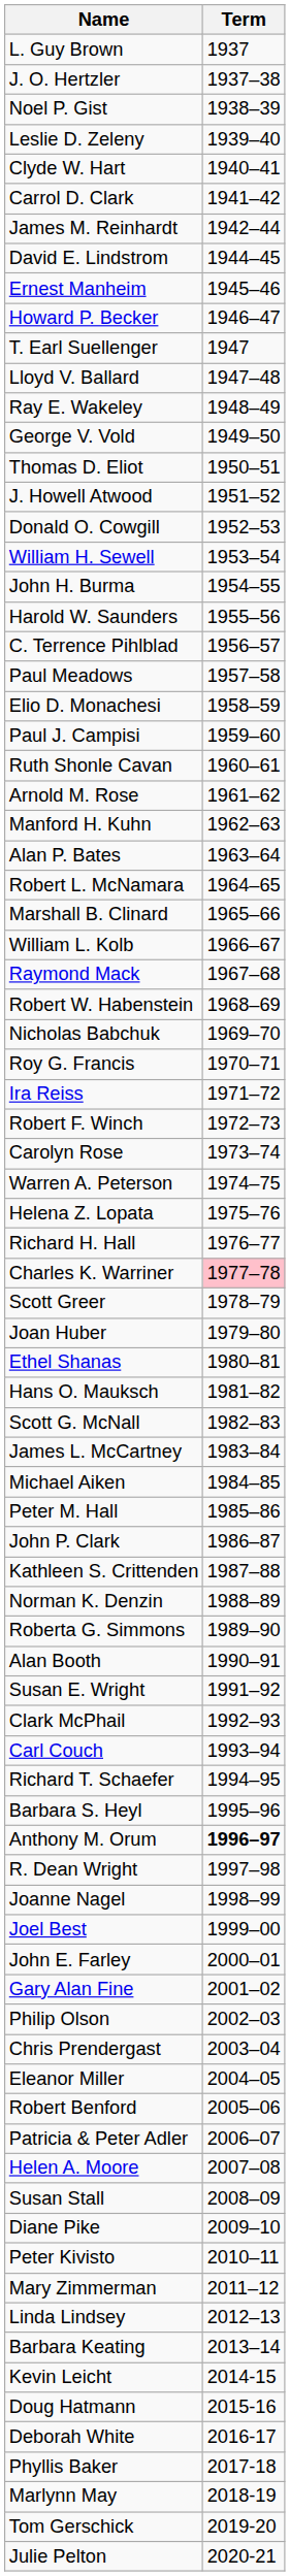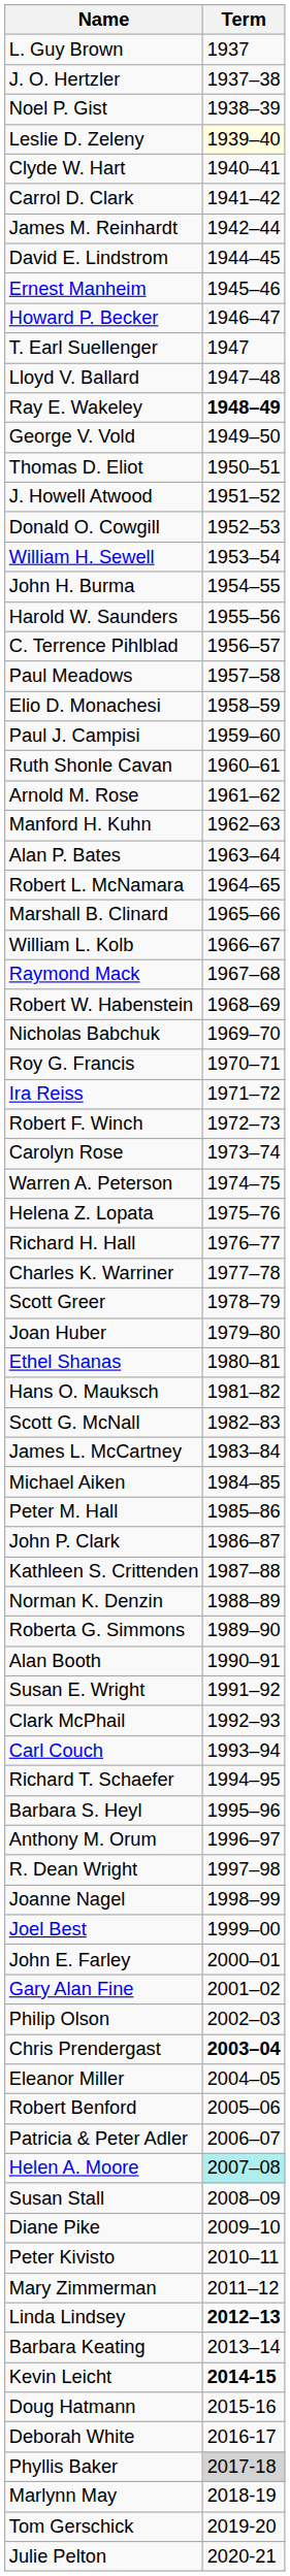 <table class="wikitable sortable">
 <tr>
 <th>Name</th>
 <th>Term</th>
 </tr>
 <tr>
 <td>L. Guy Brown</td>
 <td>1937</td>
 </tr>
 <tr>
 <td>J. O. Hertzler</td>
 <td>1937–38</td>
 </tr>
 <tr>
 <td>Noel P. Gist</td>
 <td>1938–39</td>
 </tr>
 <tr>
 <td>Leslie D. Zeleny</td>
-<td>1939–40</td>
+<td style="background: lightyellow;">1939–40</td>
 </tr>
 <tr>
 <td>Clyde W. Hart</td>
 <td>1940–41</td>
 </tr>
 <tr>
 <td>Carrol D. Clark</td>
 <td>1941–42</td>
 </tr>
 <tr>
 <td>James M. Reinhardt</td>
 <td>1942–44</td>
 </tr>
 <tr>
 <td>David E. Lindstrom</td>
 <td>1944–45</td>
 </tr>
 <tr>
 <td><a href='#'>Ernest Manheim</a></td>
 <td>1945–46</td>
 </tr>
 <tr>
 <td><a href='#'>Howard P. Becker</a></td>
 <td>1946–47</td>
 </tr>
 <tr>
 <td>T. Earl Suellenger</td>
 <td>1947</td>
 </tr>
 <tr>
 <td>Lloyd V. Ballard</td>
 <td>1947–48</td>
 </tr>
 <tr>
 <td>Ray E. Wakeley</td>
-<td>1948–49</td>
+<td><strong>1948–49</strong></td>
 </tr>
 <tr>
 <td>George V. Vold</td>
 <td>1949–50</td>
 </tr>
 <tr>
 <td>Thomas D. Eliot</td>
 <td>1950–51</td>
 </tr>
 <tr>
 <td>J. Howell Atwood</td>
 <td>1951–52</td>
 </tr>
 <tr>
 <td>Donald O. Cowgill</td>
 <td>1952–53</td>
 </tr>
 <tr>
 <td><a href='#'>William H. Sewell</a></td>
 <td>1953–54</td>
 </tr>
 <tr>
 <td>John H. Burma</td>
 <td>1954–55</td>
 </tr>
 <tr>
 <td>Harold W. Saunders</td>
 <td>1955–56</td>
 </tr>
 <tr>
 <td>C. Terrence Pihlblad</td>
 <td>1956–57</td>
 </tr>
 <tr>
 <td>Paul Meadows</td>
 <td>1957–58</td>
 </tr>
 <tr>
 <td>Elio D. Monachesi</td>
 <td>1958–59</td>
 </tr>
 <tr>
 <td>Paul J. Campisi</td>
 <td>1959–60</td>
 </tr>
 <tr>
 <td>Ruth Shonle Cavan</td>
 <td>1960–61</td>
 </tr>
 <tr>
 <td>Arnold M. Rose</td>
 <td>1961–62</td>
 </tr>
 <tr>
 <td>Manford H. Kuhn</td>
 <td>1962–63</td>
 </tr>
 <tr>
 <td>Alan P. Bates</td>
 <td>1963–64</td>
 </tr>
 <tr>
 <td>Robert L. McNamara</td>
 <td>1964–65</td>
 </tr>
 <tr>
 <td>Marshall B. Clinard</td>
 <td>1965–66</td>
 </tr>
 <tr>
 <td>William L. Kolb</td>
 <td>1966–67</td>
 </tr>
 <tr>
 <td><a href='#'>Raymond Mack</a></td>
 <td>1967–68</td>
 </tr>
 <tr>
 <td>Robert W. Habenstein</td>
 <td>1968–69</td>
 </tr>
 <tr>
 <td>Nicholas Babchuk</td>
 <td>1969–70</td>
 </tr>
 <tr>
 <td>Roy G. Francis</td>
 <td>1970–71</td>
 </tr>
 <tr>
 <td><a href='#'>Ira Reiss</a></td>
 <td>1971–72</td>
 </tr>
 <tr>
 <td>Robert F. Winch</td>
 <td>1972–73</td>
 </tr>
 <tr>
 <td>Carolyn Rose</td>
 <td>1973–74</td>
 </tr>
 <tr>
 <td>Warren A. Peterson</td>
 <td>1974–75</td>
 </tr>
 <tr>
 <td>Helena Z. Lopata</td>
 <td>1975–76</td>
 </tr>
 <tr>
 <td>Richard H. Hall</td>
 <td>1976–77</td>
 </tr>
 <tr>
 <td>Charles K. Warriner</td>
-<td style="background: pink;">1977–78</td>
+<td>1977–78</td>
 </tr>
 <tr>
 <td>Scott Greer</td>
 <td>1978–79</td>
 </tr>
 <tr>
 <td>Joan Huber</td>
 <td>1979–80</td>
 </tr>
 <tr>
 <td><a href='#'>Ethel Shanas</a></td>
 <td>1980–81</td>
 </tr>
 <tr>
 <td>Hans O. Mauksch</td>
 <td>1981–82</td>
 </tr>
 <tr>
 <td>Scott G. McNall</td>
 <td>1982–83</td>
 </tr>
 <tr>
 <td>James L. McCartney</td>
 <td>1983–84</td>
 </tr>
 <tr>
 <td>Michael Aiken</td>
 <td>1984–85</td>
 </tr>
 <tr>
 <td>Peter M. Hall</td>
 <td>1985–86</td>
 </tr>
 <tr>
 <td>John P. Clark</td>
 <td>1986–87</td>
 </tr>
 <tr>
 <td>Kathleen S. Crittenden</td>
 <td>1987–88</td>
 </tr>
 <tr>
 <td>Norman K. Denzin</td>
 <td>1988–89</td>
 </tr>
 <tr>
 <td>Roberta G. Simmons</td>
 <td>1989–90</td>
 </tr>
 <tr>
 <td>Alan Booth</td>
 <td>1990–91</td>
 </tr>
 <tr>
 <td>Susan E. Wright</td>
 <td>1991–92</td>
 </tr>
 <tr>
 <td>Clark McPhail</td>
 <td>1992–93</td>
 </tr>
 <tr>
 <td><a href='#'>Carl Couch</a></td>
 <td>1993–94</td>
 </tr>
 <tr>
 <td>Richard T. Schaefer</td>
 <td>1994–95</td>
 </tr>
 <tr>
 <td>Barbara S. Heyl</td>
 <td>1995–96</td>
 </tr>
 <tr>
 <td>Anthony M. Orum</td>
-<td><strong>1996–97</strong></td>
+<td>1996–97</td>
 </tr>
 <tr>
 <td>R. Dean Wright</td>
 <td>1997–98</td>
 </tr>
 <tr>
 <td>Joanne Nagel</td>
 <td>1998–99</td>
 </tr>
 <tr>
 <td><a href='#'>Joel Best</a></td>
 <td>1999–00</td>
 </tr>
 <tr>
 <td>John E. Farley</td>
 <td>2000–01</td>
 </tr>
 <tr>
 <td><a href='#'>Gary Alan Fine</a></td>
 <td>2001–02</td>
 </tr>
 <tr>
 <td>Philip Olson</td>
 <td>2002–03</td>
 </tr>
 <tr>
 <td>Chris Prendergast</td>
-<td>2003–04</td>
+<td><strong>2003–04</strong></td>
 </tr>
 <tr>
 <td>Eleanor Miller</td>
 <td>2004–05</td>
 </tr>
 <tr>
 <td>Robert Benford</td>
 <td>2005–06</td>
 </tr>
 <tr>
 <td>Patricia & Peter Adler</td>
 <td>2006–07</td>
 </tr>
 <tr>
 <td><a href='#'>Helen A. Moore</a></td>
-<td>2007–08</td>
+<td style="background: paleturquoise;">2007–08</td>
 </tr>
 <tr>
 <td>Susan Stall</td>
 <td>2008–09</td>
 </tr>
 <tr>
 <td>Diane Pike</td>
 <td>2009–10</td>
 </tr>
 <tr>
 <td>Peter Kivisto</td>
 <td>2010–11</td>
 </tr>
 <tr>
 <td>Mary Zimmerman</td>
 <td>2011–12</td>
 </tr>
 <tr>
 <td>Linda Lindsey</td>
-<td>2012–13</td>
+<td><strong>2012–13</strong></td>
 </tr>
 <tr>
 <td>Barbara Keating</td>
 <td>2013–14</td>
 </tr>
 <tr>
 <td>Kevin Leicht</td>
-<td>2014-15</td>
+<td><strong>2014-15</strong></td>
 </tr>
 <tr>
 <td>Doug Hatmann</td>
 <td>2015-16</td>
 </tr>
 <tr>
 <td>Deborah White</td>
 <td>2016-17</td>
 </tr>
 <tr>
 <td>Phyllis Baker</td>
-<td>2017-18</td>
+<td style="background: lightgrey;">2017-18</td>
 </tr>
 <tr>
 <td>Marlynn May</td>
 <td>2018-19</td>
 </tr>
 <tr>
 <td>Tom Gerschick</td>
 <td>2019-20</td>
 </tr>
 <tr>
 <td>Julie Pelton</td>
 <td>2020-21</td>
 </tr>
 </table>
